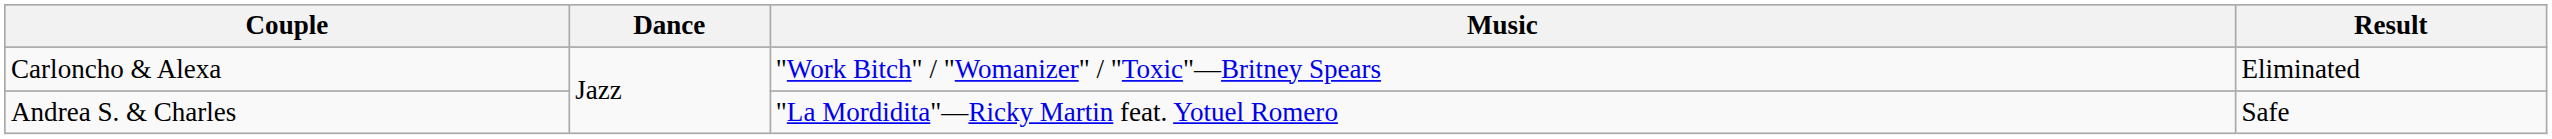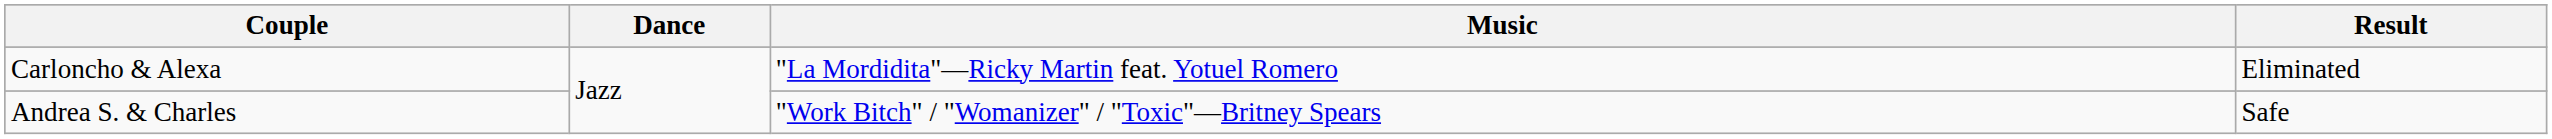 <table class="wikitable sortable" style="width:95%; white-space:nowrap;">
 <tr>
 <th>Couple</th>
 <th>Dance</th>
 <th>Music</th>
 <th>Result</th>
 </tr>
 <tr>
 <td>Carloncho & Alexa</td>
 <td rowspan=2>Jazz</td>
-<td>"<a href='#'>Work Bitch</a>" / "<a href='#'>Womanizer</a>" / "<a href='#'>Toxic</a>"—<a href='#'>Britney Spears</a></td>
+<td>"<a href='#'>La Mordidita</a>"—<a href='#'>Ricky Martin</a> feat. <a href='#'>Yotuel Romero</a></td>
 <td>Eliminated</td>
 </tr>
 <tr>
 <td>Andrea S. & Charles</td>
-<td>"<a href='#'>La Mordidita</a>"—<a href='#'>Ricky Martin</a> feat. <a href='#'>Yotuel Romero</a></td>
+<td>"<a href='#'>Work Bitch</a>" / "<a href='#'>Womanizer</a>" / "<a href='#'>Toxic</a>"—<a href='#'>Britney Spears</a></td>
 <td>Safe</td>
 </tr>
 </table>
